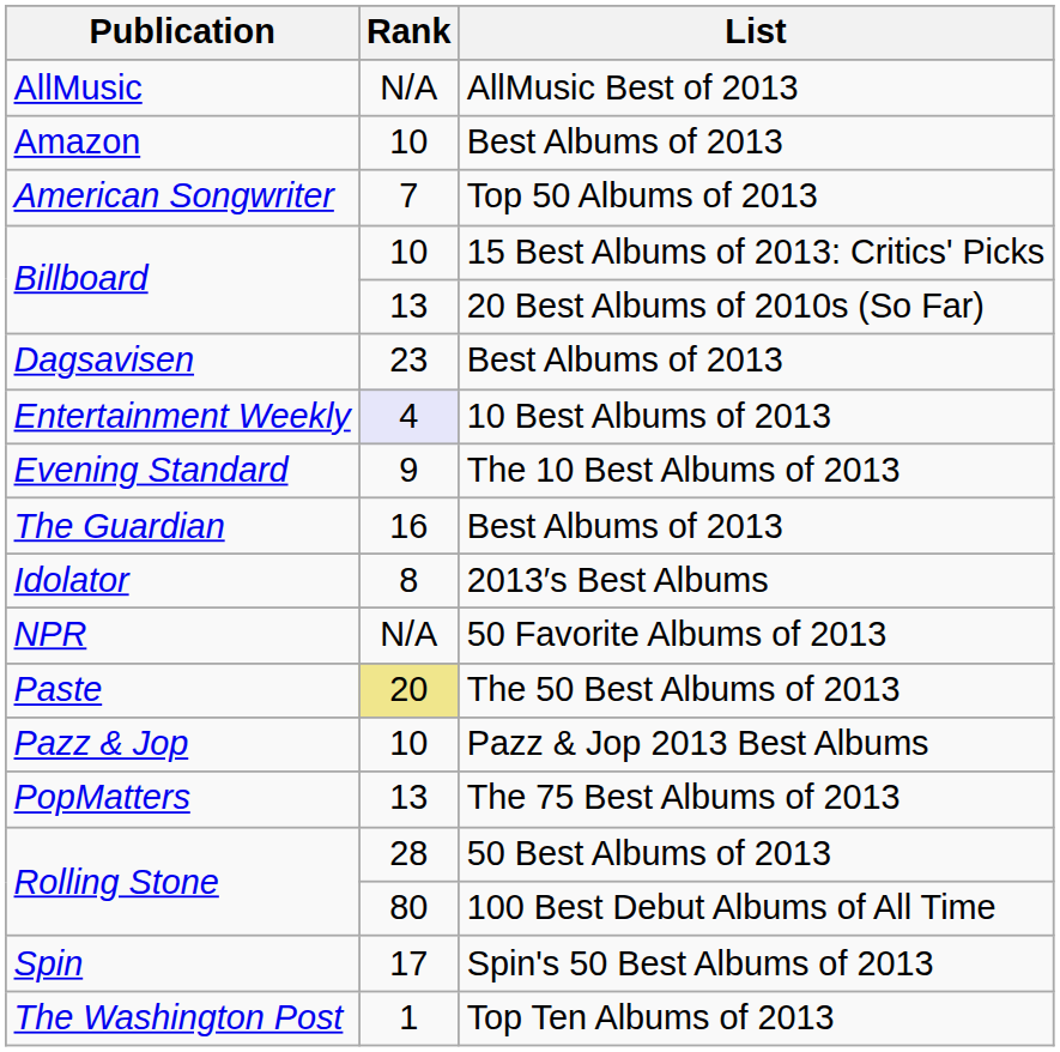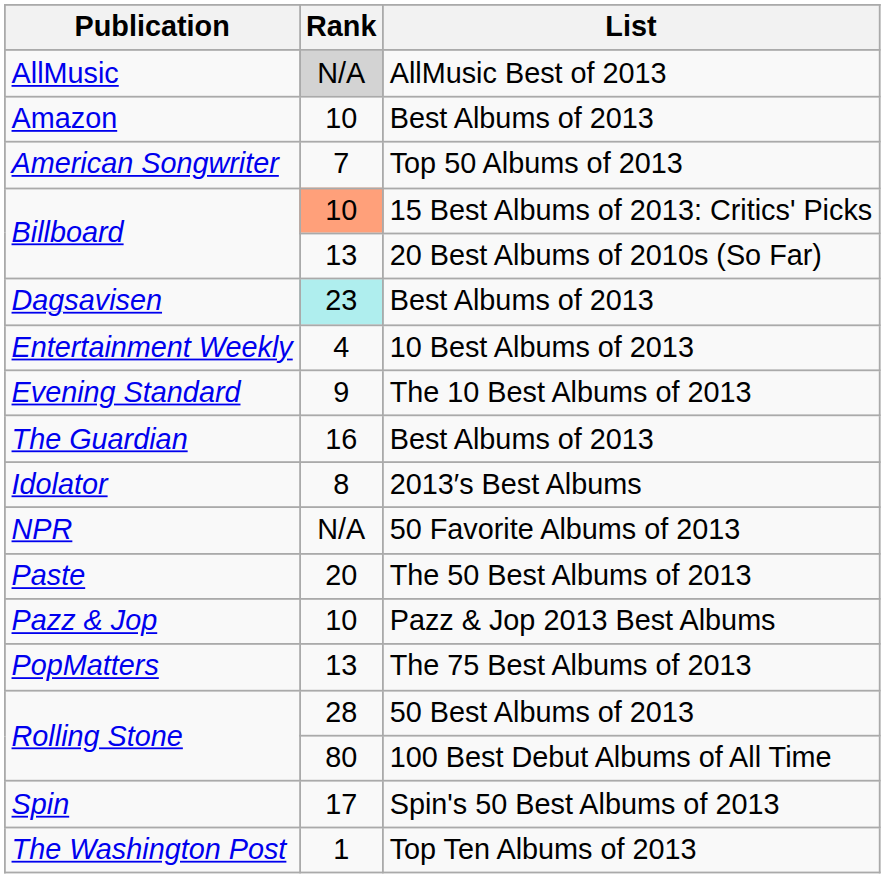 <table class="wikitable">
 <tr>
 <th>Publication</th>
 <th>Rank</th>
 <th>List</th>
 </tr>
 <tr Ad>
 <td><a href='#'>AllMusic</a></td>
-<td align=center>N/A</td>
+<td align=center style="background: lightgrey;">N/A</td>
 <td>AllMusic Best of 2013</td>
 </tr>
 <tr Ad>
 <td><a href='#'>Amazon</a></td>
 <td align=center>10</td>
 <td>Best Albums of 2013</td>
 </tr>
 <tr Ad>
 <td><em><a href='#'>American Songwriter</a></em></td>
 <td align=center>7</td>
 <td>Top 50 Albums of 2013</td>
 </tr>
 <tr Ad>
 <td rowspan="2"><em><a href='#'>Billboard</a></em></td>
-<td align=center>10</td>
+<td align=center style="background: lightsalmon;">10</td>
 <td>15 Best Albums of 2013: Critics' Picks</td>
 </tr>
 <tr Ad>
 <td align=center>13</td>
 <td>20 Best Albums of 2010s (So Far)</td>
 </tr>
 <tr Ad>
 <td><em><a href='#'>Dagsavisen</a></em></td>
-<td align=center>23</td>
+<td align=center style="background: paleturquoise;">23</td>
 <td>Best Albums of 2013</td>
 </tr>
 <tr Ad>
 <td><em><a href='#'>Entertainment Weekly</a></em></td>
-<td align=center style="background: lavender;">4</td>
+<td align=center>4</td>
 <td>10 Best Albums of 2013</td>
 </tr>
 <tr Ad>
 <td><em><a href='#'>Evening Standard</a></em></td>
 <td align=center>9</td>
 <td>The 10 Best Albums of 2013</td>
 </tr>
 <tr Ad>
 <td><em><a href='#'>The Guardian</a></em></td>
 <td align=center>16</td>
 <td>Best Albums of 2013</td>
 </tr>
 <tr Ad>
 <td><em><a href='#'>Idolator</a></em></td>
 <td align=center>8</td>
 <td>2013′s Best Albums</td>
 </tr>
 <tr Ad>
 <td><em><a href='#'>NPR</a></em></td>
 <td align=center>N/A</td>
 <td>50 Favorite Albums of 2013</td>
 </tr>
 <tr Ad>
 <td><em><a href='#'>Paste</a></em></td>
-<td align=center style="background: khaki;">20</td>
+<td align=center>20</td>
 <td>The 50 Best Albums of 2013</td>
 </tr>
 <tr Ad>
 <td><em><a href='#'>Pazz & Jop</a></em></td>
 <td align=center>10</td>
 <td>Pazz & Jop 2013 Best Albums</td>
 </tr>
 <tr Ad>
 <td><em><a href='#'>PopMatters</a></em></td>
 <td align=center>13</td>
 <td>The 75 Best Albums of 2013</td>
 </tr>
 <tr Ad>
 <td rowspan="2"><em><a href='#'>Rolling Stone</a></em></td>
 <td align=center>28</td>
 <td>50 Best Albums of 2013</td>
 </tr>
 <tr Ad>
 <td align=center>80</td>
 <td>100 Best Debut Albums of All Time</td>
 </tr>
 <tr Ad>
 <td><em><a href='#'>Spin</a></em></td>
 <td align=center>17</td>
 <td>Spin's 50 Best Albums of 2013</td>
 </tr>
 <tr Ad>
 <td><em><a href='#'>The Washington Post</a></em></td>
 <td align=center>1</td>
 <td>Top Ten Albums of 2013</td>
 </tr>
 </table>
